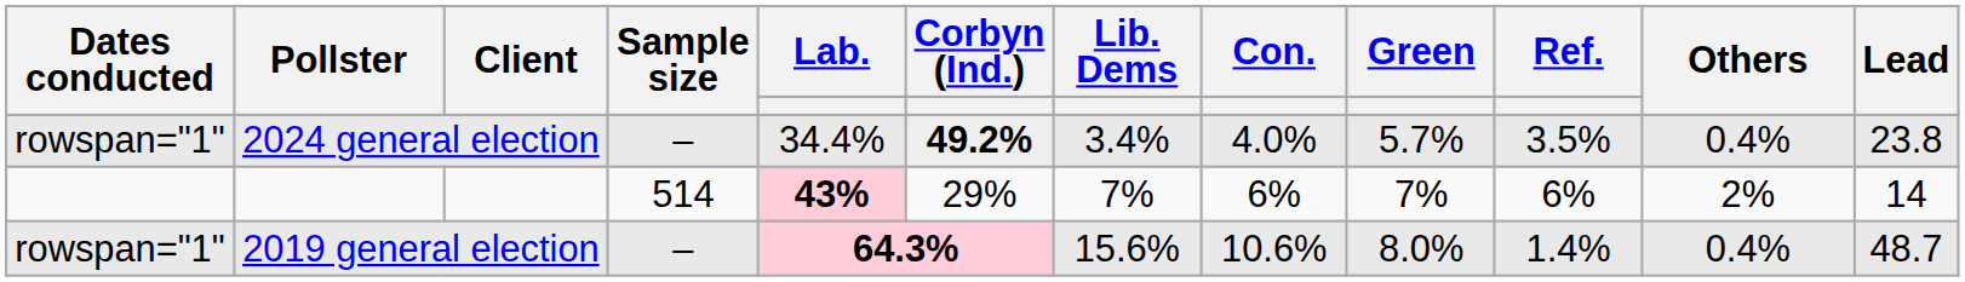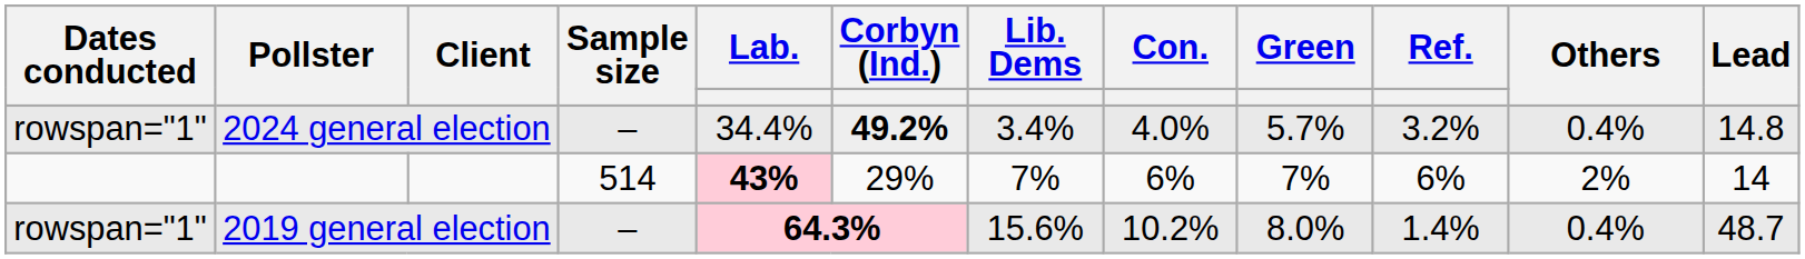 <table class="wikitable sortable mw-datatable" style="text-align:center; font-size:90%; line-height:14px;">
 <tr>
 <th rowspan="2">Dates <br>conducted</th>
 <th rowspan="2">Pollster</th>
 <th rowspan="2">Client</th>
 <th rowspan="2" data-sort-type="number">Sample <br>size</th>
 <th class="unsortable" style="width:50px;"><a href='#'>Lab.</a></th>
 <th class="unsortable" style="width:50px;"><a href='#'>Corbyn</a> (<a href='#'>Ind.</a>)</th>
 <th class="unsortable" style="width:50px;"><a href='#'>Lib. Dems</a></th>
 <th class="unsortable" style="width:50px;"><a href='#'>Con.</a></th>
 <th class="unsortable" style="width:50px;"><a href='#'>Green</a></th>
 <th class="unsortable" style="width:50px;"><a href='#'>Ref.</a></th>
 <th rowspan="2" class="unsortable" style="width:75px;">Others</th>
 <th rowspan="2" data-sort-type="number">Lead</th>
 </tr>
 <tr>
 <th data-sort-type="number" style="background:"></th>
 <th data-sort-type="number" style="background:"></th>
 <th data-sort-type="number" style="background:"></th>
 <th data-sort-type="number" style="background:"></th>
 <th data-sort-type="number" style="background:"></th>
 <th data-sort-type="number" style="background:"></th>
 </tr>
 <tr style="background:#e9e9e9;">
 <td>rowspan="1" </td>
 <td colspan="2" rowspan="1"><a href='#'>2024 general election</a></td>
 <td>–</td>
 <td>34.4%</td>
 <td style="background:#EEEEEE;"><strong>49.2%</strong></td>
 <td>3.4%</td>
 <td>4.0%</td>
 <td>5.7%</td>
-<td>3.5%</td>
+<td>3.2%</td>
 <td>0.4%</td>
-<td style="background:">23.8</td>
+<td style="background:">14.8</td>
 </tr>
 <tr>
 <td></td>
 <td></td>
 <td></td>
 <td>514</td>
 <td style="background:#FFCCD9;"><strong>43%</strong></td>
 <td>29%</td>
 <td>7%</td>
 <td>6%</td>
 <td>7%</td>
 <td>6%</td>
 <td>2%</td>
 <td style="background:">14</td>
 </tr>
 <tr style="background:#e9e9e9;">
 <td>rowspan="1" </td>
 <td colspan="2" rowspan="1"><a href='#'>2019 general election</a></td>
 <td>–</td>
 <td colspan="2" style="background:#FFCCD9;"><strong>64.3%</strong></td>
 <td>15.6%</td>
-<td>10.6%</td>
+<td>10.2%</td>
 <td>8.0%</td>
 <td>1.4%</td>
 <td>0.4%</td>
 <td style="background:">48.7</td>
 </tr>
 </table>
